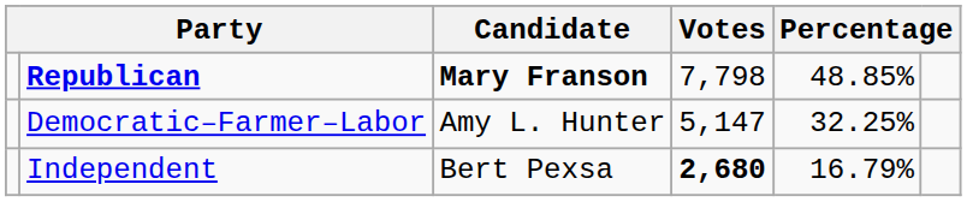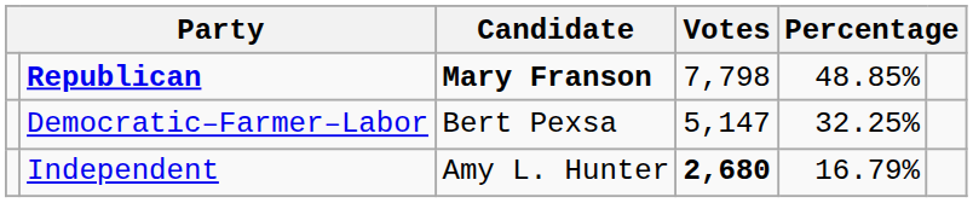 <table class="wikitable" style="text-align:right;">
 <tr style="background-color:#E9E9E9;text-align:center;">
 <th colspan=2>Party</th>
 <th>Candidate</th>
 <th>Votes</th>
 <th colspan=2>Percentage</th>
 </tr>
 <tr>
 <td style="background-color:"></td>
 <td style="text-align:left;"><strong><a href='#'>Republican</a></strong></td>
 <td style="text-align:left;"><strong>Mary Franson</strong></td>
 <td style="text-align:right;">7,798</td>
 <td style="text-align:right;">48.85%</td>
 <td style="text-align:right;"><div><div> </div></div></td>
 </tr>
 <tr>
 <td style="background-color:"></td>
 <td style="text-align:left;"><a href='#'>Democratic–Farmer–Labor</a></td>
-<td style="text-align:left;">Amy L. Hunter</td>
+<td style="text-align:left;">Bert Pexsa</td>
 <td style="text-align:right;">5,147</td>
 <td style="text-align:right;">32.25%</td>
 <td style="text-align:right;"><div><div> </div></div></td>
 </tr>
 <tr>
 <td style="background-color:"></td>
 <td style="text-align:left;"><a href='#'>Independent</a></td>
-<td style="text-align:left;">Bert Pexsa</td>
+<td style="text-align:left;">Amy L. Hunter</td>
 <td style="text-align:right;"><strong>2,680</strong></td>
 <td style="text-align:right;">16.79%</td>
 <td style="text-align:right;"><div><div> </div></div></td>
 </tr>
 </table>
